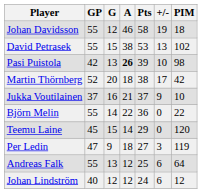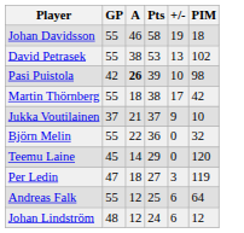 <table class="wikitable sortable">
 <tr>
 <th>Player</th>
 <th>GP</th>
-<th>G</th>
 <th>A</th>
 <th>Pts</th>
 <th>+/-</th>
 <th>PIM</th>
 </tr>
 <tr bgcolor="#e0e0e">
 <td><a href='#'>Johan Davidsson</a></td>
 <td>55</td>
-<td>12</td>
 <td>46</td>
 <td>58</td>
 <td>19</td>
 <td>18</td>
 </tr>
 <tr bgcolor="#f0f0f0">
 <td><a href='#'>David Petrasek</a></td>
 <td>55</td>
-<td>15</td>
 <td>38</td>
 <td>53</td>
 <td>13</td>
 <td>102</td>
 </tr>
 <tr bgcolor="#e0e0e0">
 <td><a href='#'>Pasi Puistola</a></td>
 <td>42</td>
-<td>13</td>
 <td><strong>26</strong></td>
 <td>39</td>
 <td>10</td>
 <td>98</td>
 </tr>
 <tr bgcolor="#f0f0f0">
 <td><a href='#'>Martin Thörnberg</a></td>
-<td>52</td>
-<td>20</td>
+<td>55</td>
 <td>18</td>
 <td>38</td>
 <td>17</td>
 <td>42</td>
 </tr>
 <tr bgcolor="#e0e0e0">
 <td><a href='#'>Jukka Voutilainen</a></td>
 <td>37</td>
-<td>16</td>
 <td>21</td>
 <td>37</td>
 <td>9</td>
 <td>10</td>
 </tr>
 <tr bgcolor="#f0f0f0">
 <td><a href='#'>Björn Melin</a></td>
 <td>55</td>
-<td>14</td>
 <td>22</td>
 <td>36</td>
 <td>0</td>
-<td>22</td>
+<td>32</td>
 </tr>
 <tr bgcolor="#e0e0e0">
 <td><a href='#'>Teemu Laine</a></td>
 <td>45</td>
-<td>15</td>
 <td>14</td>
 <td>29</td>
 <td>0</td>
 <td>120</td>
 </tr>
 <tr bgcolor="#f0f0f0">
 <td><a href='#'>Per Ledin</a></td>
 <td>47</td>
-<td>9</td>
 <td>18</td>
 <td>27</td>
 <td>3</td>
 <td>119</td>
 </tr>
 <tr bgcolor="#e0e0e0">
 <td><a href='#'>Andreas Falk</a></td>
 <td>55</td>
-<td>13</td>
 <td>12</td>
 <td>25</td>
 <td>6</td>
 <td>64</td>
 </tr>
 <tr bgcolor="#f0f0f0">
 <td><a href='#'>Johan Lindström</a></td>
-<td>40</td>
-<td>12</td>
+<td>48</td>
 <td>12</td>
 <td>24</td>
 <td>6</td>
 <td>12</td>
 </tr>
 </table>
